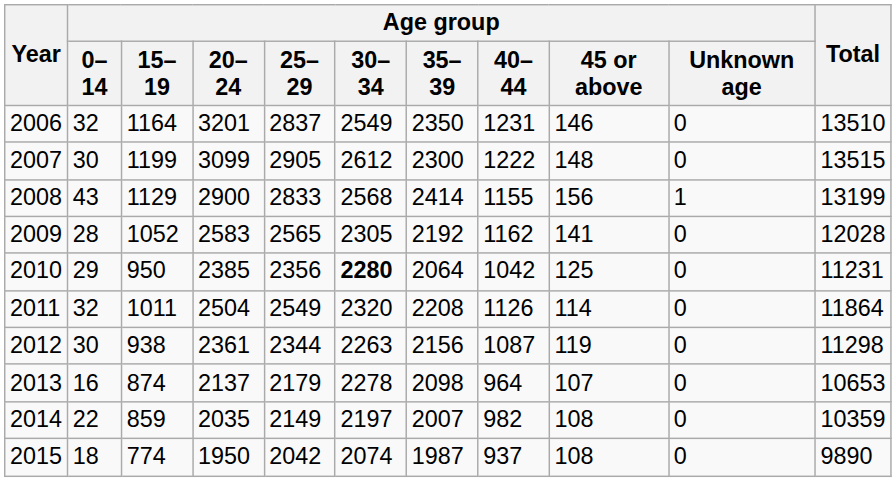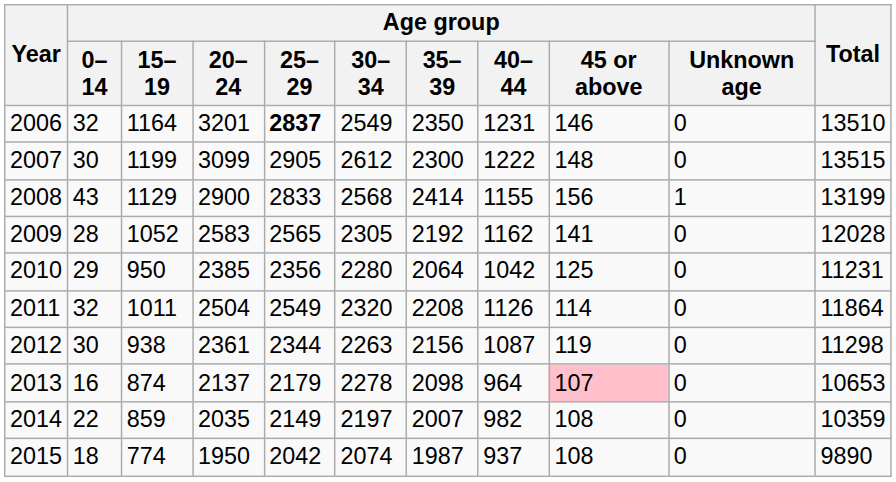 <table class="wikitable sortable">
 <tr>
 <th rowspan="2">Year</th>
 <th colspan="9">Age group</th>
 <th rowspan="2">Total</th>
 </tr>
 <tr>
 <th>0–14</th>
 <th>15–19</th>
 <th>20–24</th>
 <th>25–29</th>
 <th>30–34</th>
 <th>35–39</th>
 <th>40–44</th>
 <th>45 or above</th>
 <th>Unknown age</th>
 </tr>
 <tr>
 <td>2006</td>
 <td>32</td>
 <td>1164</td>
 <td>3201</td>
-<td>2837</td>
+<td><strong>2837</strong></td>
 <td>2549</td>
 <td>2350</td>
 <td>1231</td>
 <td>146</td>
 <td>0</td>
 <td>13510</td>
 </tr>
 <tr>
 <td>2007</td>
 <td>30</td>
 <td>1199</td>
 <td>3099</td>
 <td>2905</td>
 <td>2612</td>
 <td>2300</td>
 <td>1222</td>
 <td>148</td>
 <td>0</td>
 <td>13515</td>
 </tr>
 <tr>
 <td>2008</td>
 <td>43</td>
 <td>1129</td>
 <td>2900</td>
 <td>2833</td>
 <td>2568</td>
 <td>2414</td>
 <td>1155</td>
 <td>156</td>
 <td>1</td>
 <td>13199</td>
 </tr>
 <tr>
 <td>2009</td>
 <td>28</td>
 <td>1052</td>
 <td>2583</td>
 <td>2565</td>
 <td>2305</td>
 <td>2192</td>
 <td>1162</td>
 <td>141</td>
 <td>0</td>
 <td>12028</td>
 </tr>
 <tr>
 <td>2010</td>
 <td>29</td>
 <td>950</td>
 <td>2385</td>
 <td>2356</td>
-<td><strong>2280</strong></td>
+<td>2280</td>
 <td>2064</td>
 <td>1042</td>
 <td>125</td>
 <td>0</td>
 <td>11231</td>
 </tr>
 <tr>
 <td>2011</td>
 <td>32</td>
 <td>1011</td>
 <td>2504</td>
 <td>2549</td>
 <td>2320</td>
 <td>2208</td>
 <td>1126</td>
 <td>114</td>
 <td>0</td>
 <td>11864</td>
 </tr>
 <tr>
 <td>2012</td>
 <td>30</td>
 <td>938</td>
 <td>2361</td>
 <td>2344</td>
 <td>2263</td>
 <td>2156</td>
 <td>1087</td>
 <td>119</td>
 <td>0</td>
 <td>11298</td>
 </tr>
 <tr>
 <td>2013</td>
 <td>16</td>
 <td>874</td>
 <td>2137</td>
 <td>2179</td>
 <td>2278</td>
 <td>2098</td>
 <td>964</td>
-<td>107</td>
+<td style="background: pink;">107</td>
 <td>0</td>
 <td>10653</td>
 </tr>
 <tr>
 <td>2014</td>
 <td>22</td>
 <td>859</td>
 <td>2035</td>
 <td>2149</td>
 <td>2197</td>
 <td>2007</td>
 <td>982</td>
 <td>108</td>
 <td>0</td>
 <td>10359</td>
 </tr>
 <tr>
 <td>2015</td>
 <td>18</td>
 <td>774</td>
 <td>1950</td>
 <td>2042</td>
 <td>2074</td>
 <td>1987</td>
 <td>937</td>
 <td>108</td>
 <td>0</td>
 <td>9890</td>
 </tr>
 </table>
